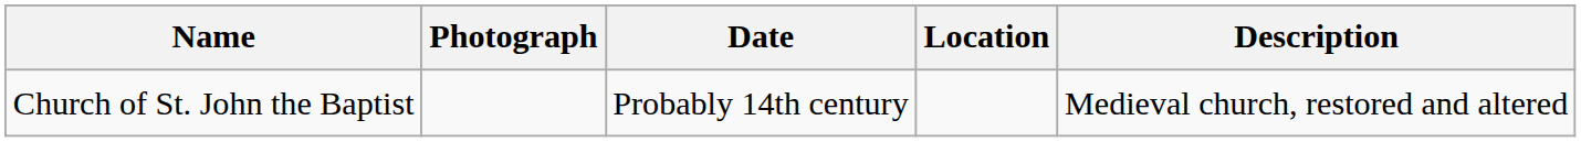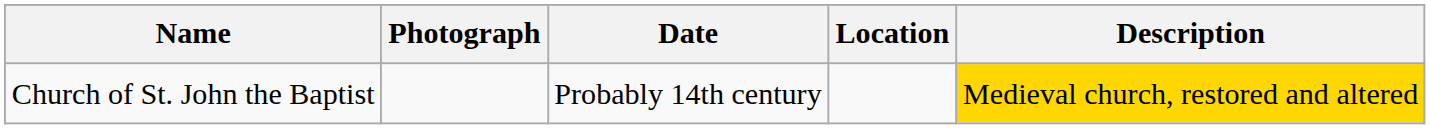 <table class="wikitable sortable" style="border:0px;text-align:left;line-height:150%;">
 <tr>
 <th>Name</th>
 <th class="unsortable">Photograph</th>
 <th class="unsortable">Date</th>
 <th class="unsortable">Location</th>
 <th class="unsortable">Description</th>
 </tr>
 <tr>
 <td>Church of St. John the Baptist</td>
 <td></td>
 <td>Probably 14th century</td>
 <td><small></small></td>
-<td>Medieval church, restored and altered </td>
+<td style="background: gold;">Medieval church, restored and altered </td>
 </tr>
 <tr>
 </tr>
 </table>
